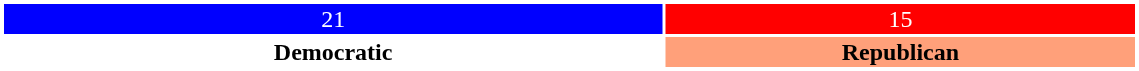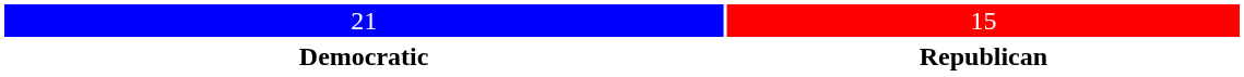 <table style="width:60%; text-align:center;">
 <tr style="color:white;">
 <td style="background:blue; width:58.33%;">21</td>
 <td style="background:red; width:41.67%;">15</td>
 </tr>
 <tr>
 <td><span><strong>Democratic</strong></span></td>
-<td style="background: lightsalmon;"><span><strong>Republican</strong></span></td>
+<td><span><strong>Republican</strong></span></td>
 </tr>
 </table>
